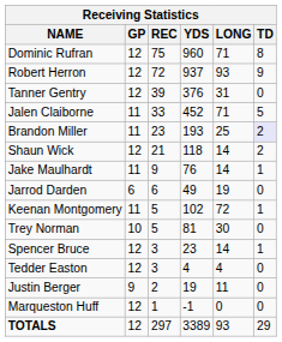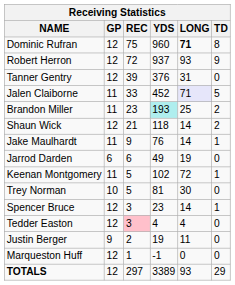 <table class="wikitable sortable collapsible collapsed">
 <tr>
 <th colspan="7">Receiving Statistics</th>
 </tr>
 <tr>
 <th>NAME</th>
 <th>GP</th>
 <th>REC</th>
 <th>YDS</th>
 <th>LONG</th>
 <th>TD</th>
 </tr>
 <tr>
 <td>Dominic Rufran</td>
 <td>12</td>
 <td>75</td>
 <td>960</td>
-<td>71</td>
+<td><strong>71</strong></td>
 <td>8</td>
 </tr>
 <tr>
 <td>Robert Herron</td>
 <td>12</td>
 <td>72</td>
 <td>937</td>
 <td>93</td>
 <td>9</td>
 </tr>
 <tr>
 <td>Tanner Gentry</td>
 <td>12</td>
 <td>39</td>
 <td>376</td>
 <td>31</td>
 <td>0</td>
 </tr>
 <tr>
 <td>Jalen Claiborne</td>
 <td>11</td>
 <td>33</td>
 <td>452</td>
-<td>71</td>
+<td style="background: lavender;">71</td>
 <td>5</td>
 </tr>
 <tr>
 <td>Brandon Miller</td>
 <td>11</td>
 <td>23</td>
-<td>193</td>
+<td style="background: paleturquoise;">193</td>
 <td>25</td>
-<td style="background: lavender;">2</td>
+<td>2</td>
 </tr>
 <tr>
 <td>Shaun Wick</td>
 <td>12</td>
 <td>21</td>
 <td>118</td>
 <td>14</td>
 <td>2</td>
 </tr>
 <tr>
 <td>Jake Maulhardt</td>
 <td>11</td>
 <td>9</td>
 <td>76</td>
 <td>14</td>
 <td>1</td>
 </tr>
 <tr>
 <td>Jarrod Darden</td>
 <td>6</td>
 <td>6</td>
 <td>49</td>
 <td>19</td>
 <td>0</td>
 </tr>
 <tr>
 <td>Keenan Montgomery</td>
 <td>11</td>
 <td>5</td>
 <td>102</td>
 <td>72</td>
 <td>1</td>
 </tr>
 <tr>
 <td>Trey Norman</td>
 <td>10</td>
 <td>5</td>
 <td>81</td>
 <td>30</td>
 <td>0</td>
 </tr>
 <tr>
 <td>Spencer Bruce</td>
 <td>12</td>
 <td>3</td>
 <td>23</td>
 <td>14</td>
 <td>1</td>
 </tr>
 <tr>
 <td>Tedder Easton</td>
 <td>12</td>
-<td>3</td>
+<td style="background: pink;">3</td>
 <td>4</td>
 <td>4</td>
 <td>0</td>
 </tr>
 <tr>
 <td>Justin Berger</td>
 <td>9</td>
 <td>2</td>
 <td>19</td>
 <td>11</td>
 <td>0</td>
 </tr>
 <tr>
 <td>Marqueston Huff</td>
 <td>12</td>
 <td>1</td>
 <td>-1</td>
 <td>0</td>
 <td>0</td>
 </tr>
 <tr>
 <td><strong>TOTALS</strong></td>
 <td>12</td>
 <td>297</td>
 <td>3389</td>
 <td>93</td>
 <td>29</td>
 </tr>
 </table>
